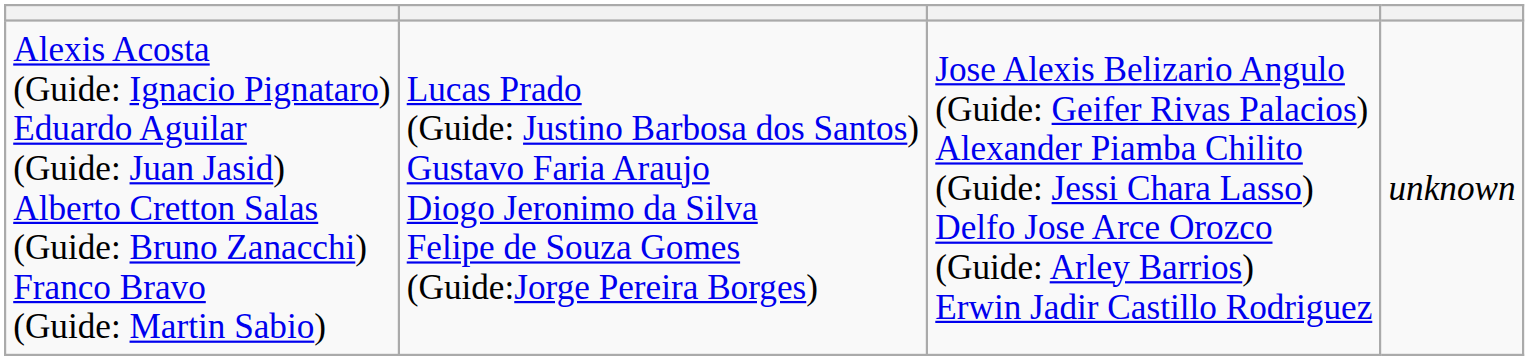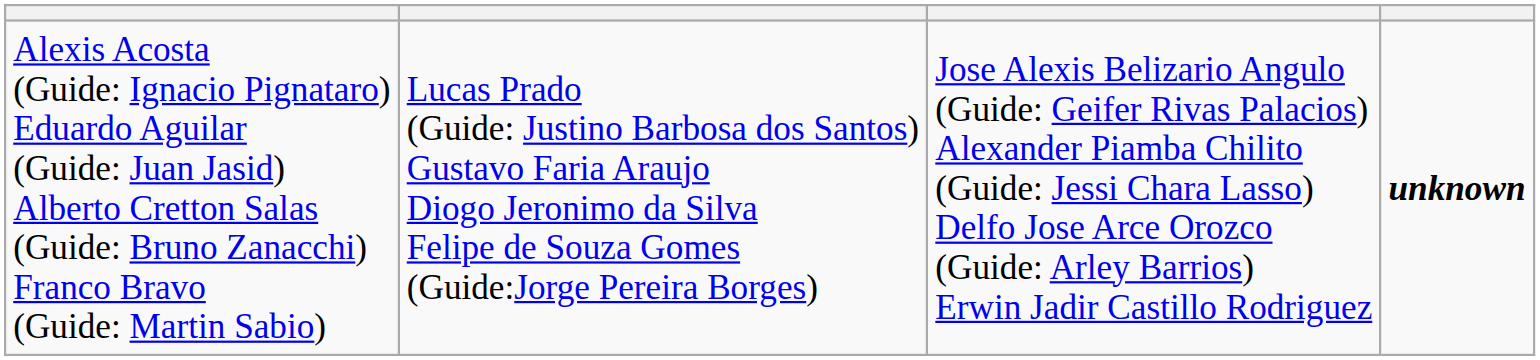 <table class="wikitable">
 <tr>
 <th></th>
 <th></th>
 <th></th>
 <th></th>
 </tr>
 <tr>
 <td><a href='#'>Alexis Acosta</a><br>(Guide: <a href='#'>Ignacio Pignataro</a>)<br><a href='#'>Eduardo Aguilar</a><br>(Guide: <a href='#'>Juan Jasid</a>)<br><a href='#'>Alberto Cretton Salas</a><br>(Guide: <a href='#'>Bruno Zanacchi</a>)<br><a href='#'>Franco Bravo</a><br>(Guide: <a href='#'>Martin Sabio</a>)</td>
 <td><a href='#'>Lucas Prado</a><br>(Guide: <a href='#'>Justino Barbosa dos Santos</a>)<br><a href='#'>Gustavo Faria Araujo</a><br><a href='#'>Diogo Jeronimo da Silva</a><br><a href='#'>Felipe de Souza Gomes</a><br>(Guide:<a href='#'>Jorge Pereira Borges</a>)</td>
 <td><a href='#'>Jose Alexis Belizario Angulo</a><br>(Guide: <a href='#'>Geifer Rivas Palacios</a>)<br><a href='#'>Alexander Piamba Chilito</a><br>(Guide: <a href='#'>Jessi Chara Lasso</a>)<br><a href='#'>Delfo Jose Arce Orozco</a><br>(Guide: <a href='#'>Arley Barrios</a>)<br><a href='#'>Erwin Jadir Castillo Rodriguez</a></td>
-<td><em>unknown</em></td>
+<td><strong><em>unknown</em></strong></td>
 </tr>
 </table>
